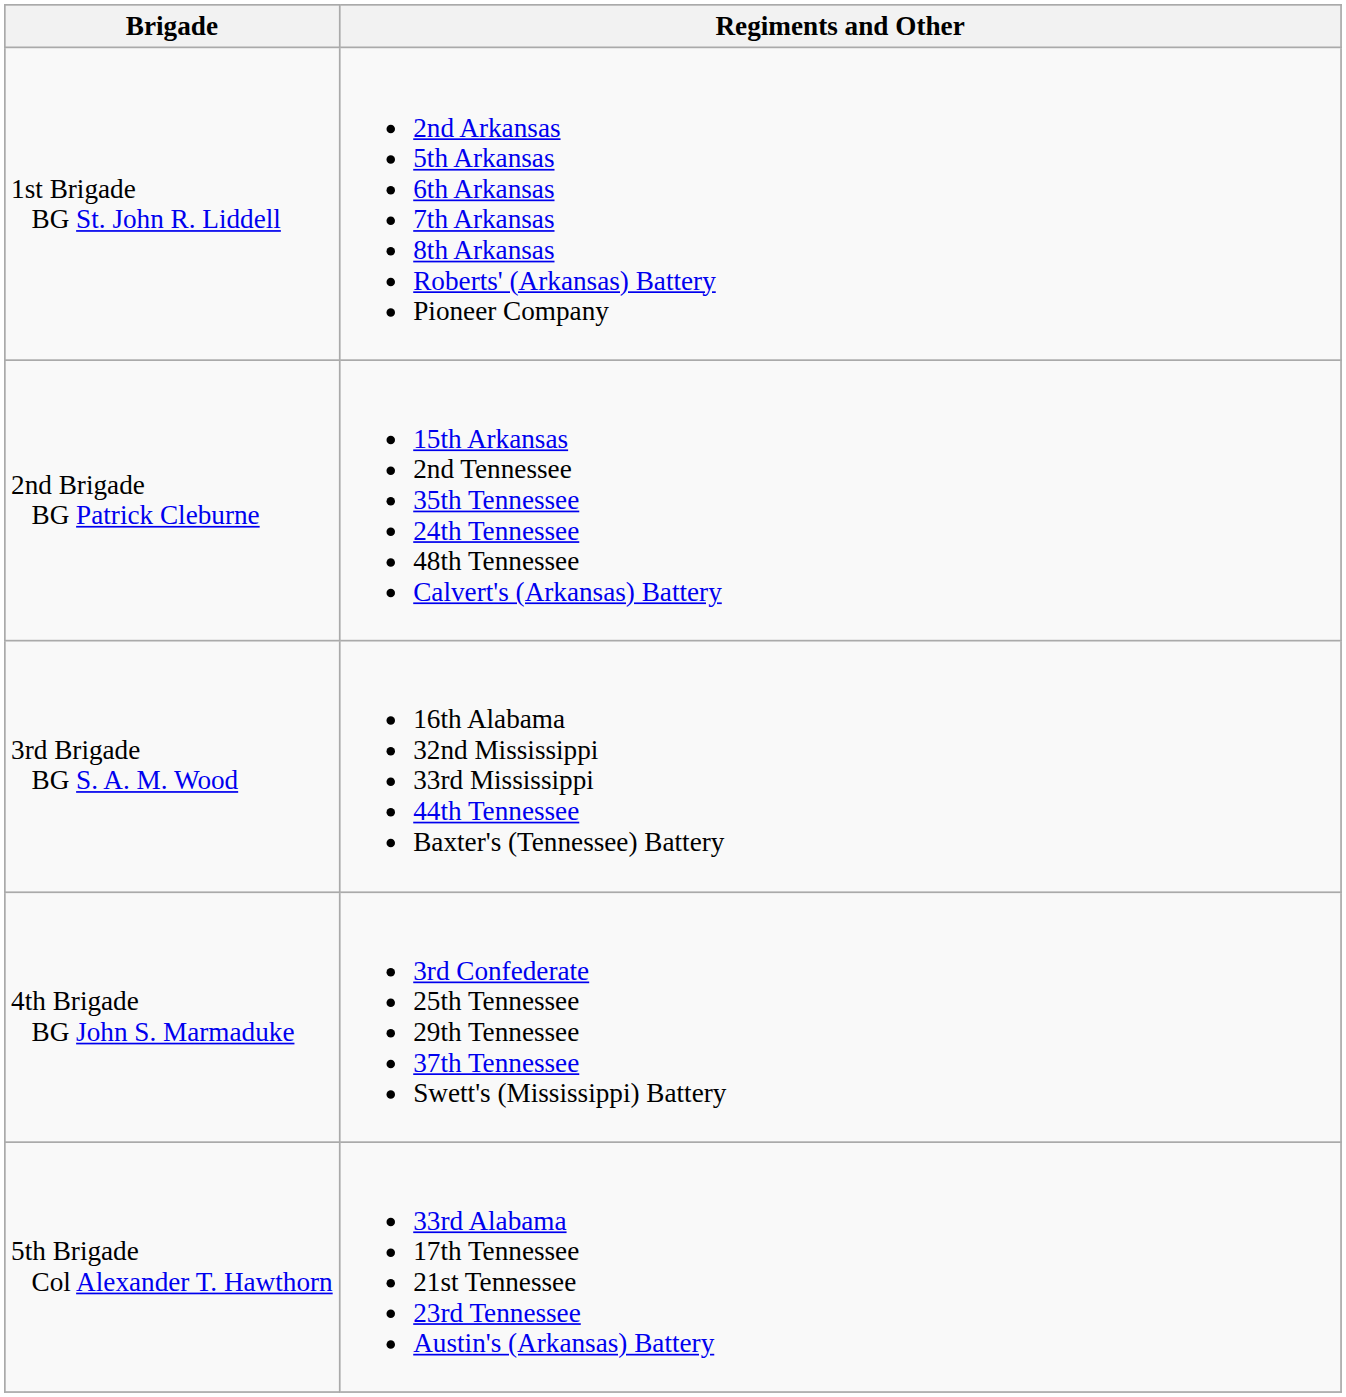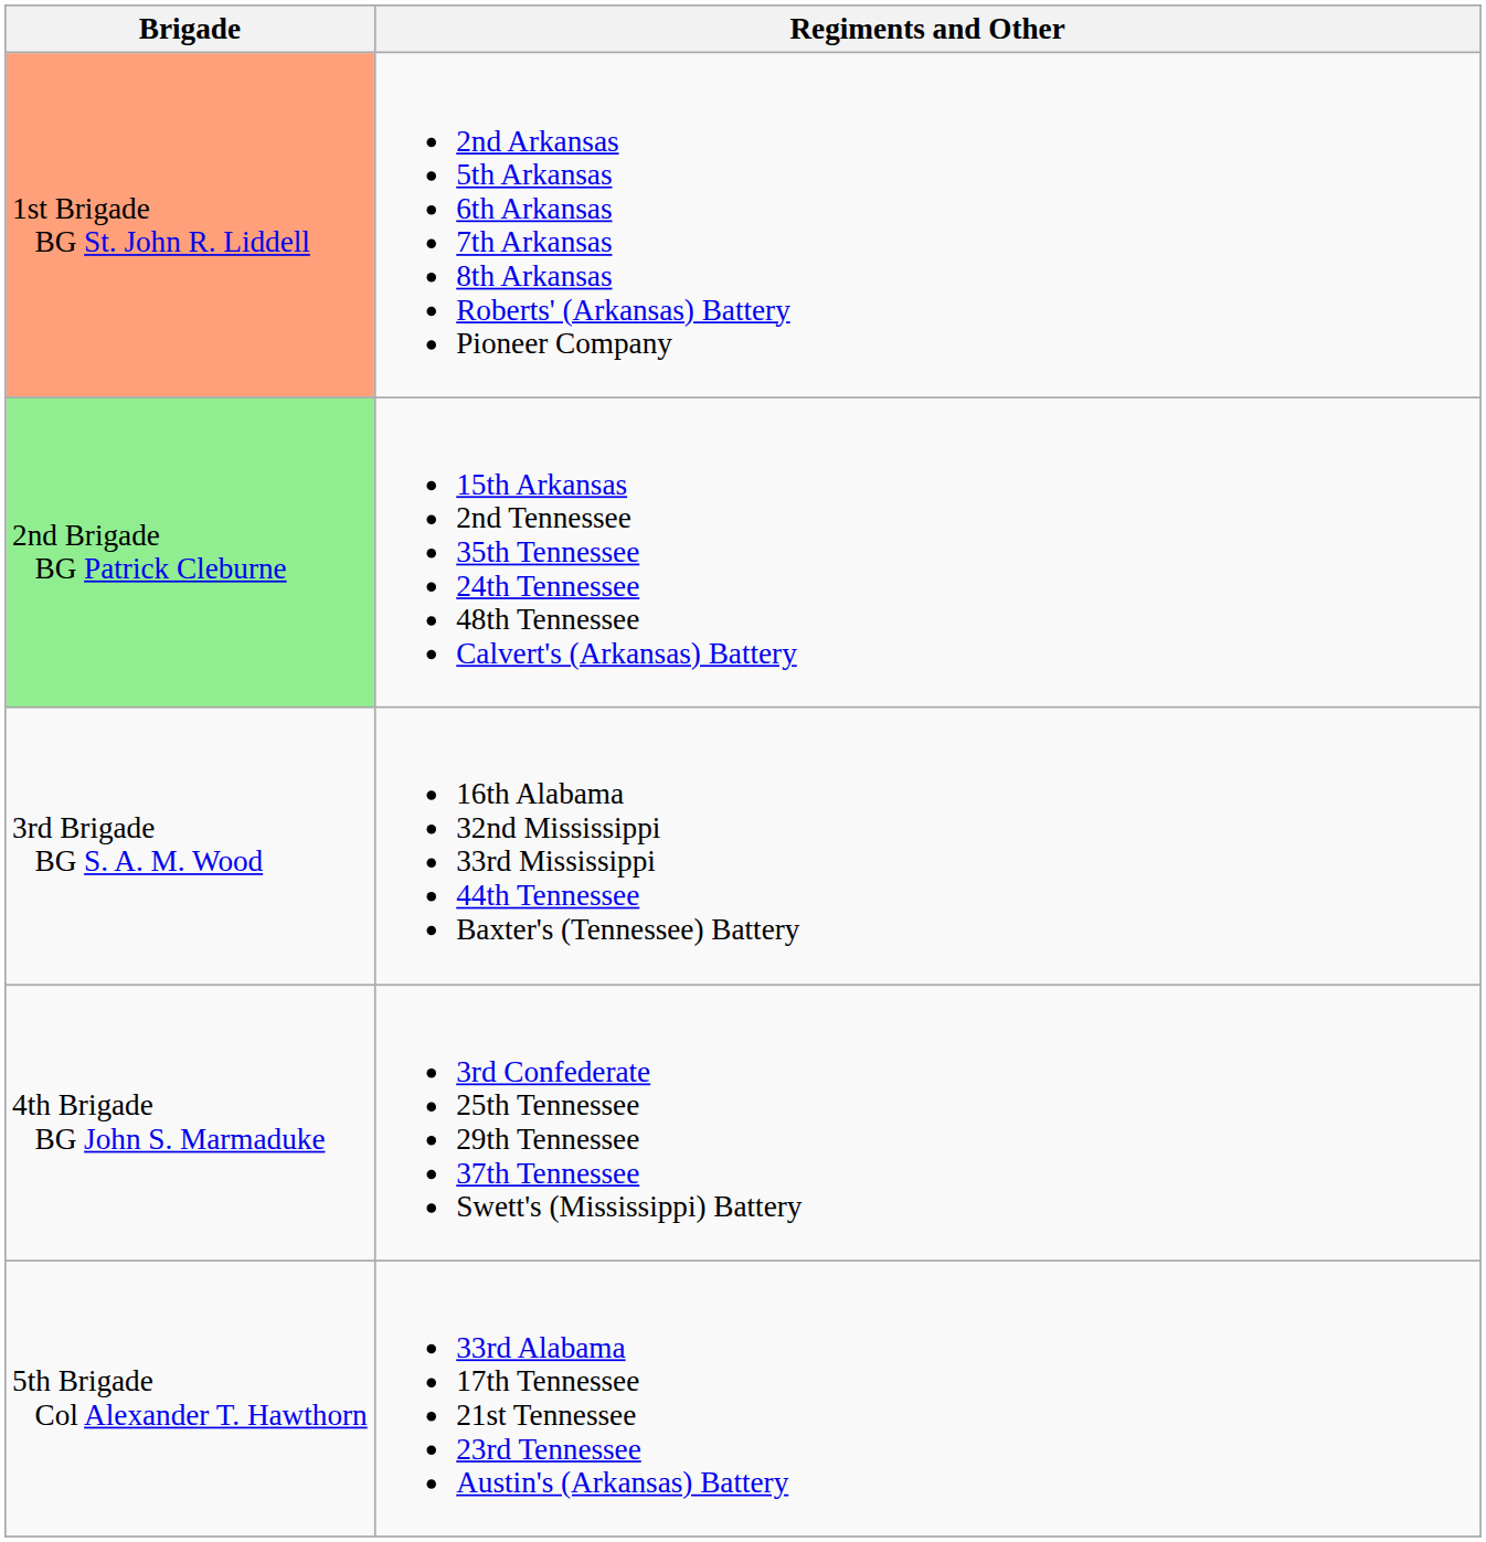 <table class="wikitable">
 <tr>
 <th width=25%>Brigade</th>
 <th>Regiments and Other</th>
 </tr>
 <tr>
-<td>1st Brigade<br>   BG <a href='#'>St. John R. Liddell</a></td>
+<td style="background: lightsalmon;">1st Brigade<br>   BG <a href='#'>St. John R. Liddell</a></td>
 <td><br><ul><li><a href='#'>2nd Arkansas</a></li><li><a href='#'>5th Arkansas</a></li><li><a href='#'>6th Arkansas</a></li><li><a href='#'>7th Arkansas</a></li><li><a href='#'>8th Arkansas</a></li><li><a href='#'>Roberts' (Arkansas) Battery</a></li><li>Pioneer Company</li></ul></td>
 </tr>
 <tr>
-<td>2nd Brigade<br>   BG <a href='#'>Patrick Cleburne</a></td>
+<td style="background: lightgreen;">2nd Brigade<br>   BG <a href='#'>Patrick Cleburne</a></td>
 <td><br><ul><li><a href='#'>15th Arkansas</a></li><li>2nd Tennessee</li><li><a href='#'>35th Tennessee</a></li><li><a href='#'>24th Tennessee</a></li><li>48th Tennessee</li><li><a href='#'>Calvert's (Arkansas) Battery</a></li></ul></td>
 </tr>
 <tr>
 <td>3rd Brigade<br>   BG <a href='#'>S. A. M. Wood</a></td>
 <td><br><ul><li>16th Alabama</li><li>32nd Mississippi</li><li>33rd Mississippi</li><li><a href='#'>44th Tennessee</a></li><li>Baxter's (Tennessee) Battery</li></ul></td>
 </tr>
 <tr>
 <td>4th Brigade<br>   BG <a href='#'>John S. Marmaduke</a></td>
 <td><br><ul><li><a href='#'>3rd Confederate</a></li><li>25th Tennessee</li><li>29th Tennessee</li><li><a href='#'>37th Tennessee</a></li><li>Swett's (Mississippi) Battery</li></ul></td>
 </tr>
 <tr>
 <td>5th Brigade<br>   Col <a href='#'>Alexander T. Hawthorn</a></td>
 <td><br><ul><li><a href='#'>33rd Alabama</a></li><li>17th Tennessee</li><li>21st Tennessee</li><li><a href='#'>23rd Tennessee</a></li><li><a href='#'>Austin's (Arkansas) Battery</a></li></ul></td>
 </tr>
 </table>
